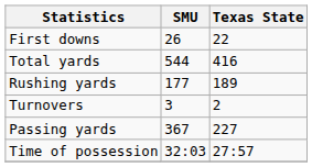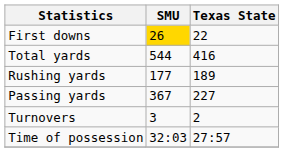 <table class="wikitable" style="float: right;">
 <tr>
 <th>Statistics</th>
 <th>SMU</th>
 <th>Texas State</th>
 </tr>
 <tr>
 <td>First downs</td>
-<td>26</td>
+<td style="background: gold;">26</td>
 <td>22</td>
 </tr>
 <tr>
 <td>Total yards</td>
 <td>544</td>
 <td>416</td>
 </tr>
 <tr>
 <td>Rushing yards</td>
 <td>177</td>
 <td>189</td>
 </tr>
 <tr>
+<td>Passing yards</td>
+<td>367</td>
+<td>227</td>
+</tr>
+<tr>
 <td>Turnovers</td>
 <td>3</td>
 <td>2</td>
-</tr>
-<tr>
-<td>Passing yards</td>
-<td>367</td>
-<td>227</td>
 </tr>
 <tr>
 <td>Time of possession</td>
 <td>32:03</td>
 <td>27:57</td>
 </tr>
 <tr>
 </tr>
 </table>
